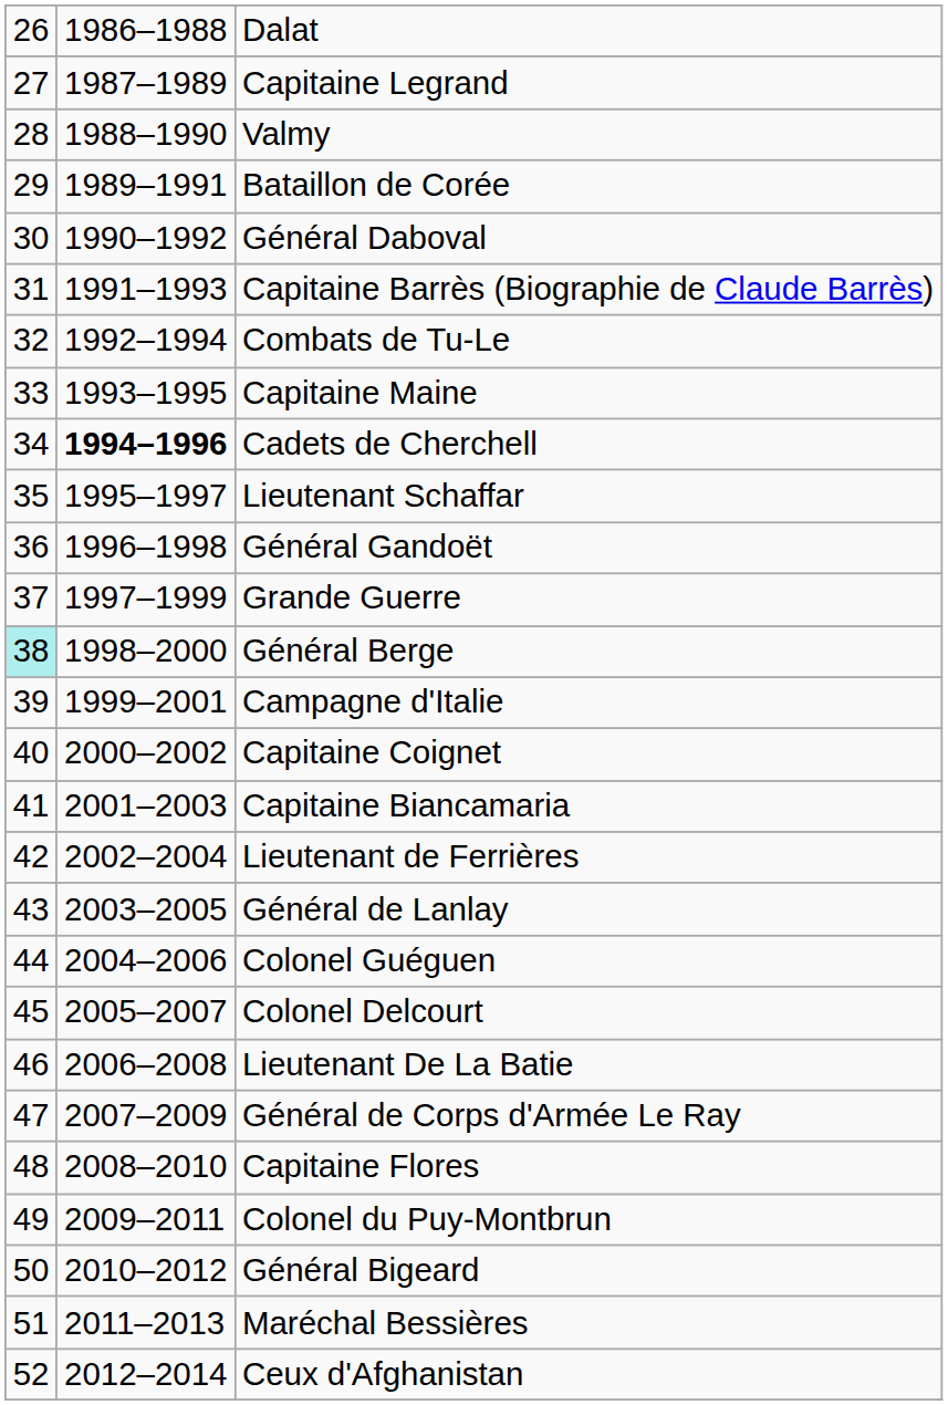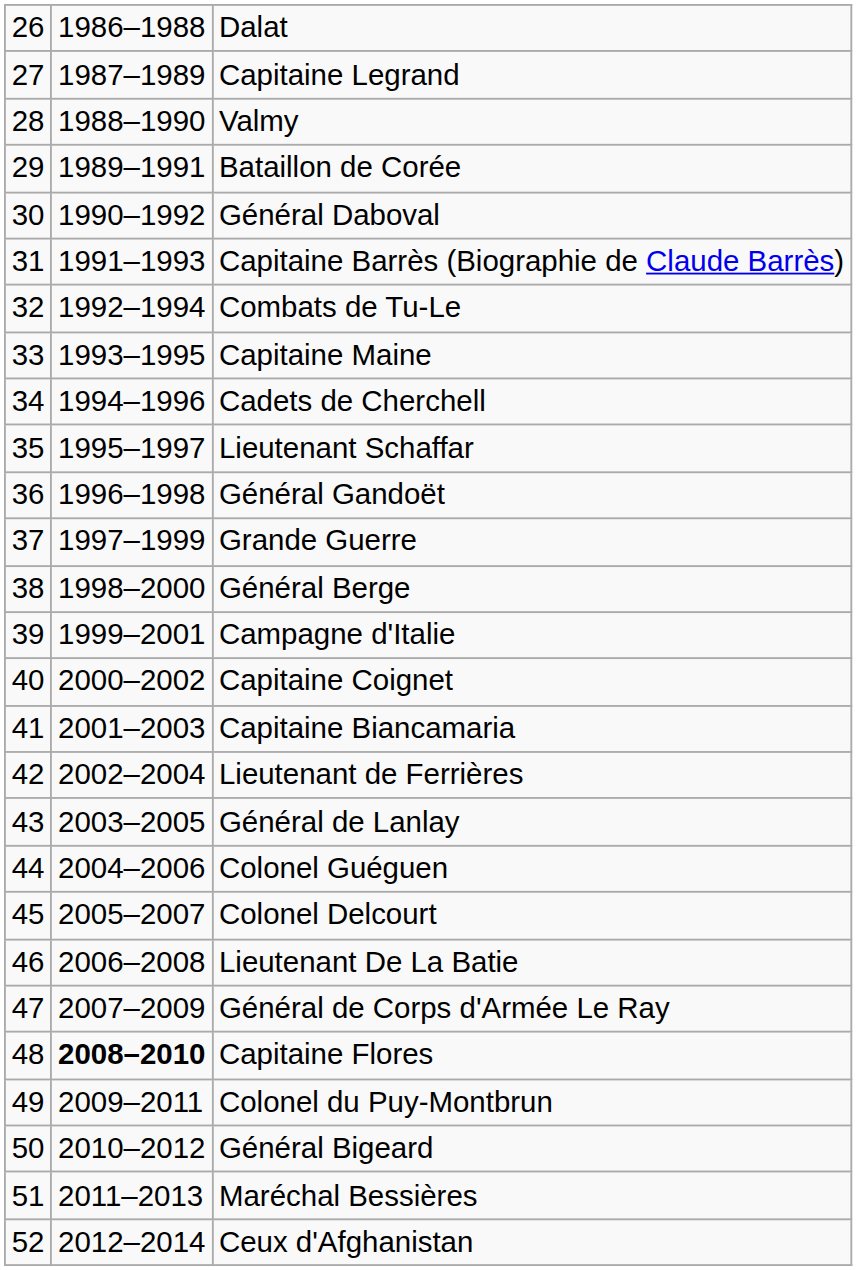 <table class="wikitable">
 <tr>
 <td>26</td>
 <td>1986–1988</td>
 <td>Dalat</td>
 </tr>
 <tr>
 <td>27</td>
 <td>1987–1989</td>
 <td>Capitaine Legrand</td>
 </tr>
 <tr>
 <td>28</td>
 <td>1988–1990</td>
 <td>Valmy</td>
 </tr>
 <tr>
 <td>29</td>
 <td>1989–1991</td>
 <td>Bataillon de Corée</td>
 </tr>
 <tr>
 <td>30</td>
 <td>1990–1992</td>
 <td>Général Daboval</td>
 </tr>
 <tr>
 <td>31</td>
 <td>1991–1993</td>
 <td>Capitaine Barrès (Biographie de <a href='#'>Claude Barrès</a>)</td>
 </tr>
 <tr>
 <td>32</td>
 <td>1992–1994</td>
 <td>Combats de Tu-Le</td>
 </tr>
 <tr>
 <td>33</td>
 <td>1993–1995</td>
 <td>Capitaine Maine</td>
 </tr>
 <tr>
 <td>34</td>
-<td><strong>1994–1996</strong></td>
+<td>1994–1996</td>
 <td>Cadets de Cherchell</td>
 </tr>
 <tr>
 <td>35</td>
 <td>1995–1997</td>
 <td>Lieutenant Schaffar</td>
 </tr>
 <tr>
 <td>36</td>
 <td>1996–1998</td>
 <td>Général Gandoët</td>
 </tr>
 <tr>
 <td>37</td>
 <td>1997–1999</td>
 <td>Grande Guerre</td>
 </tr>
 <tr>
-<td style="background: paleturquoise;">38</td>
+<td>38</td>
 <td>1998–2000</td>
 <td>Général Berge</td>
 </tr>
 <tr>
 <td>39</td>
 <td>1999–2001</td>
 <td>Campagne d'Italie</td>
 </tr>
 <tr>
 <td>40</td>
 <td>2000–2002</td>
 <td>Capitaine Coignet</td>
 </tr>
 <tr>
 <td>41</td>
 <td>2001–2003</td>
 <td>Capitaine Biancamaria</td>
 </tr>
 <tr>
 <td>42</td>
 <td>2002–2004</td>
 <td>Lieutenant de Ferrières</td>
 </tr>
 <tr>
 <td>43</td>
 <td>2003–2005</td>
 <td>Général de Lanlay</td>
 </tr>
 <tr>
 <td>44</td>
 <td>2004–2006</td>
 <td>Colonel Guéguen</td>
 </tr>
 <tr>
 <td>45</td>
 <td>2005–2007</td>
 <td>Colonel Delcourt</td>
 </tr>
 <tr>
 <td>46</td>
 <td>2006–2008</td>
 <td>Lieutenant De La Batie</td>
 </tr>
 <tr>
 <td>47</td>
 <td>2007–2009</td>
 <td>Général de Corps d'Armée Le Ray</td>
 </tr>
 <tr>
 <td>48</td>
-<td>2008–2010</td>
+<td><strong>2008–2010</strong></td>
 <td>Capitaine Flores</td>
 </tr>
 <tr>
 <td>49</td>
 <td>2009–2011</td>
 <td>Colonel du Puy-Montbrun</td>
 </tr>
 <tr>
 <td>50</td>
 <td>2010–2012</td>
 <td>Général Bigeard</td>
 </tr>
 <tr>
 <td>51</td>
 <td>2011–2013</td>
 <td>Maréchal Bessières</td>
 </tr>
 <tr>
 <td>52</td>
 <td>2012–2014</td>
 <td>Ceux d'Afghanistan</td>
 </tr>
 <tr>
 </tr>
 </table>
